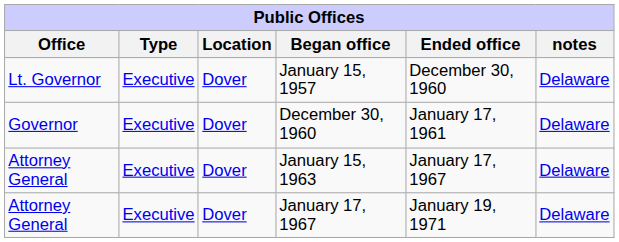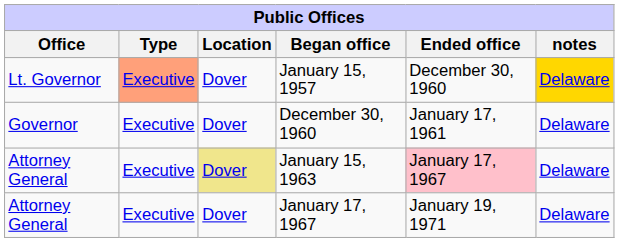 <table class=wikitable style="width: 94%" style="text-align: center;" align="center">
 <tr bgcolor=#cccccc>
 <th colspan=7 style="background: #ccccff;"><strong>Public Offices</strong></th>
 </tr>
 <tr>
 <th><strong>Office</strong></th>
 <th><strong>Type</strong></th>
 <th><strong>Location</strong></th>
 <th><strong>Began office</strong></th>
 <th><strong>Ended office</strong></th>
 <th><strong>notes</strong></th>
 </tr>
 <tr>
 <td><a href='#'>Lt. Governor</a></td>
-<td><a href='#'>Executive</a></td>
+<td style="background: lightsalmon;"><a href='#'>Executive</a></td>
 <td><a href='#'>Dover</a></td>
 <td>January 15, 1957</td>
 <td>December 30, 1960</td>
-<td><a href='#'>Delaware</a></td>
+<td style="background: gold;"><a href='#'>Delaware</a></td>
 </tr>
 <tr>
 <td><a href='#'>Governor</a></td>
 <td><a href='#'>Executive</a></td>
 <td><a href='#'>Dover</a></td>
 <td>December 30, 1960</td>
 <td>January 17, 1961</td>
 <td><a href='#'>Delaware</a></td>
 </tr>
 <tr>
 <td><a href='#'>Attorney General</a></td>
 <td><a href='#'>Executive</a></td>
-<td><a href='#'>Dover</a></td>
+<td style="background: khaki;"><a href='#'>Dover</a></td>
 <td>January 15, 1963</td>
-<td>January 17, 1967</td>
+<td style="background: pink;">January 17, 1967</td>
 <td><a href='#'>Delaware</a></td>
 </tr>
 <tr>
 <td><a href='#'>Attorney General</a></td>
 <td><a href='#'>Executive</a></td>
 <td><a href='#'>Dover</a></td>
 <td>January 17, 1967</td>
 <td>January 19, 1971</td>
 <td><a href='#'>Delaware</a></td>
 </tr>
 </table>
